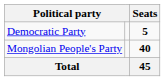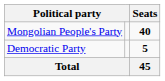 <table class="wikitable">
 <tr>
 <th colspan="2">Political party</th>
 <th>Seats</th>
+</tr>
+<tr>
+<td><a href='#'>Mongolian People's Party</a></td>
+<td style="background:"></td>
+<td style="text-align: center;"><strong>40</strong></td>
 </tr>
 <tr>
 <td><a href='#'>Democratic Party</a></td>
 <td style="background:"></td>
 <td style="text-align: center;"><strong>5</strong></td>
 </tr>
 <tr>
-<td><a href='#'>Mongolian People's Party</a></td>
-<td style="background:"></td>
-<td style="text-align: center;"><strong>40</strong></td>
-</tr>
-<tr>
 <th colspan="2">Total</th>
 <th>45</th>
 </tr>
 </table>
